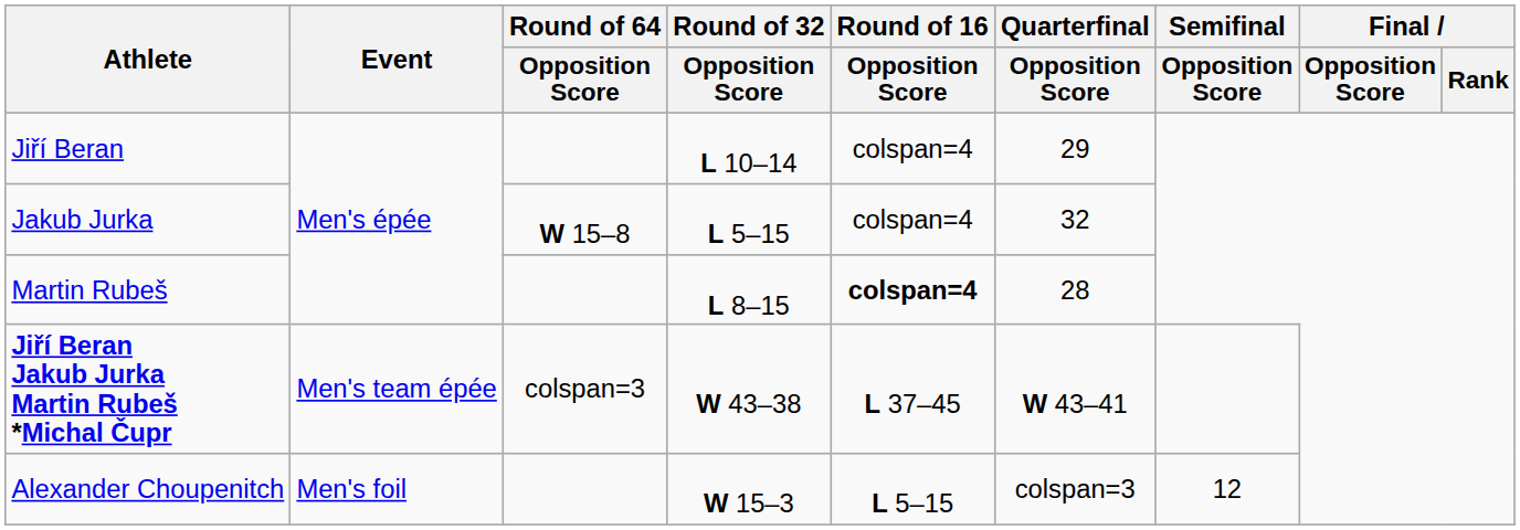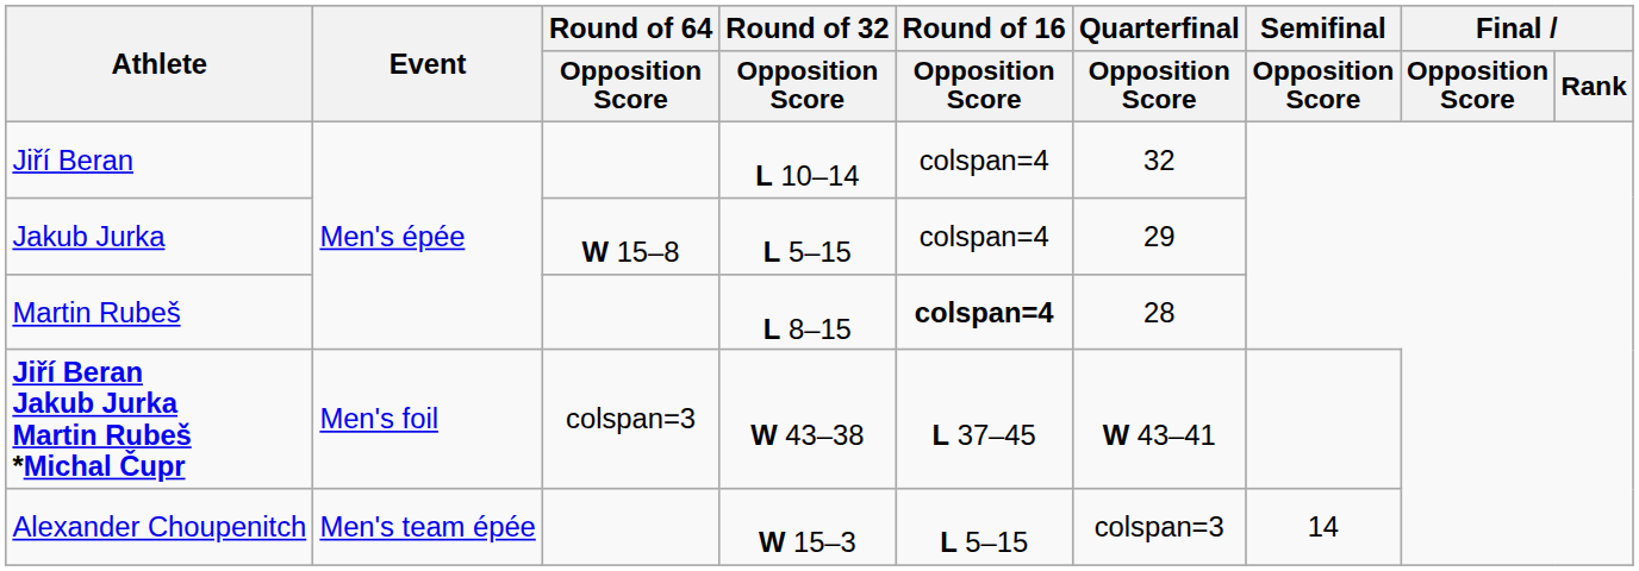 <table class="wikitable" style="font-size:90%">
 <tr>
 <th rowspan="2">Athlete</th>
 <th rowspan="2">Event</th>
 <th>Round of 64</th>
 <th>Round of 32</th>
 <th>Round of 16</th>
 <th>Quarterfinal</th>
 <th>Semifinal</th>
 <th colspan=2>Final / </th>
 </tr>
 <tr style="font-size:95%">
 <th>Opposition <br> Score</th>
 <th>Opposition <br> Score</th>
 <th>Opposition <br> Score</th>
 <th>Opposition <br> Score</th>
 <th>Opposition <br> Score</th>
 <th>Opposition <br> Score</th>
 <th>Rank</th>
 </tr>
 <tr align=center>
 <td align=left><a href='#'>Jiří Beran</a></td>
 <td align=left rowspan=3><a href='#'>Men's épée</a></td>
 <td></td>
 <td><br><strong>L</strong> 10–14</td>
 <td>colspan=4 </td>
-<td>29</td>
+<td>32</td>
 </tr>
 <tr align=center>
 <td align=left><a href='#'>Jakub Jurka</a></td>
 <td><br><strong>W</strong> 15–8</td>
 <td><br><strong>L</strong> 5–15</td>
 <td>colspan=4 </td>
-<td>32</td>
+<td>29</td>
 </tr>
 <tr align=center>
 <td align=left><a href='#'>Martin Rubeš</a></td>
 <td></td>
 <td><br><strong>L</strong> 8–15</td>
 <td><strong>colspan=4 </strong></td>
 <td>28</td>
 </tr>
 <tr align=center>
 <td align=left><strong><a href='#'>Jiří Beran</a><br><a href='#'>Jakub Jurka</a><br><a href='#'>Martin Rubeš</a><br>*<a href='#'>Michal Čupr</a></strong></td>
-<td align=left><a href='#'>Men's team épée</a></td>
+<td align=left><a href='#'>Men's foil</a></td>
 <td>colspan=3 </td>
 <td><br><strong>W</strong> 43–38</td>
 <td><br><strong>L</strong> 37–45</td>
 <td><br><strong>W</strong> 43–41</td>
 <td></td>
 </tr>
 <tr align=center>
 <td align=left><a href='#'>Alexander Choupenitch</a></td>
-<td align=left><a href='#'>Men's foil</a></td>
+<td align=left><a href='#'>Men's team épée</a></td>
 <td></td>
 <td><br><strong>W</strong> 15–3</td>
 <td><br><strong>L</strong> 5–15</td>
 <td>colspan=3 </td>
-<td>12</td>
+<td>14</td>
 </tr>
 </table>
